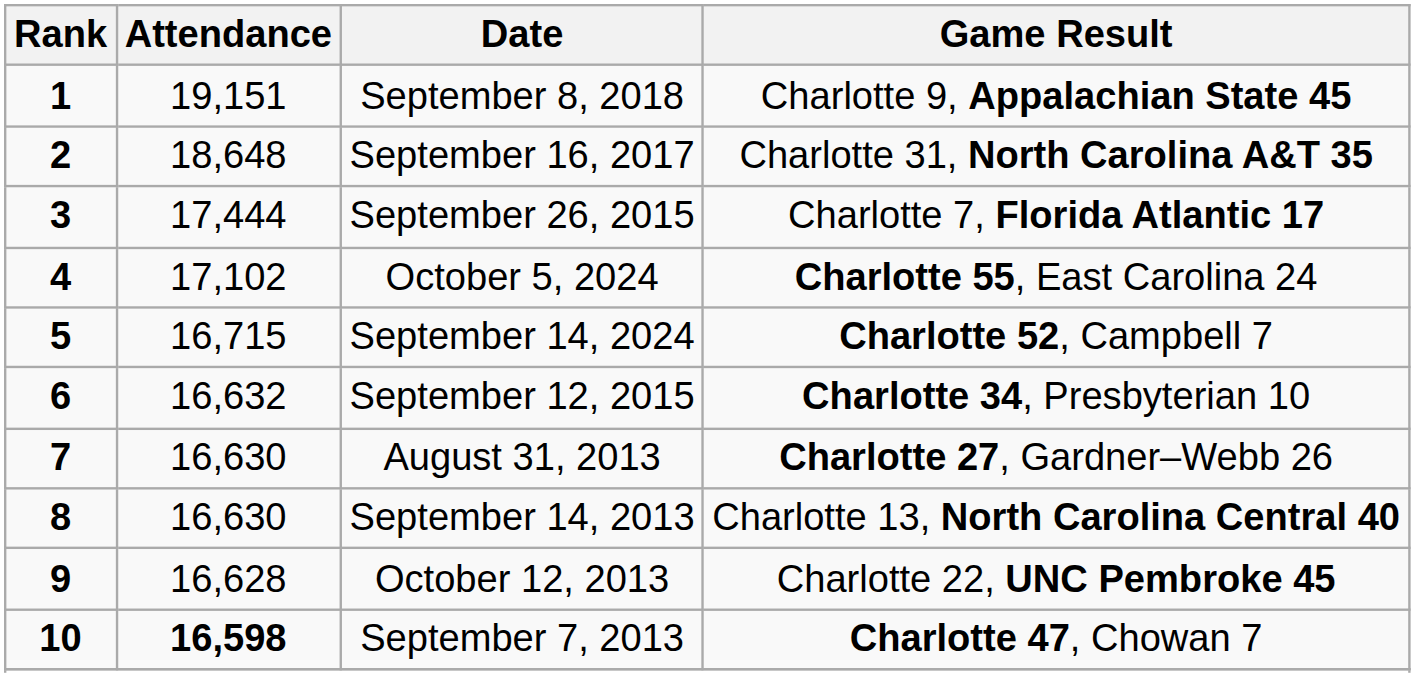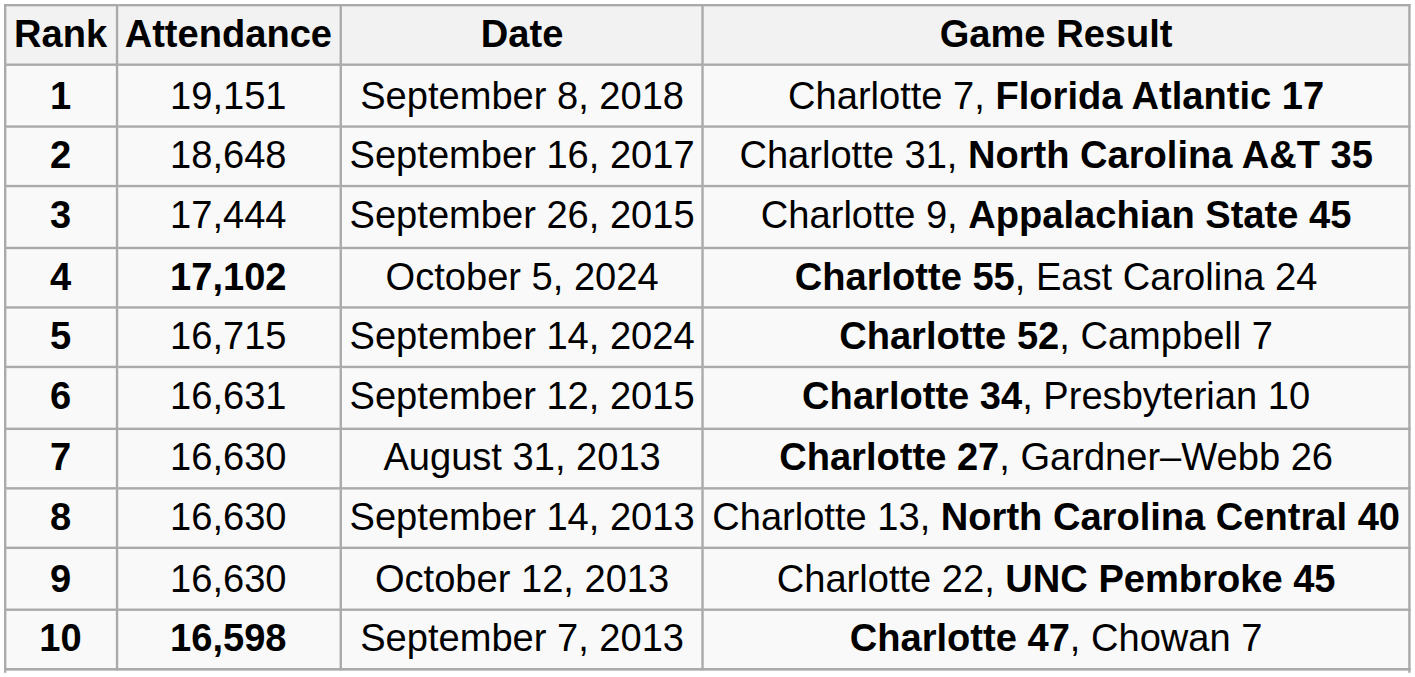 <table class="wikitable">
 <tr>
 <th>Rank</th>
 <th>Attendance</th>
 <th>Date</th>
 <th>Game Result</th>
 </tr>
 <tr align="center">
 <td><strong>1</strong></td>
 <td>19,151</td>
 <td>September 8, 2018</td>
-<td>Charlotte 9, <strong>Appalachian State 45</strong></td>
+<td>Charlotte 7, <strong>Florida Atlantic 17</strong></td>
 </tr>
 <tr align="center">
 <td><strong>2</strong></td>
 <td>18,648</td>
 <td>September 16, 2017</td>
 <td>Charlotte 31, <strong>North Carolina A&T 35</strong></td>
 </tr>
 <tr align="center">
 <td><strong>3</strong></td>
 <td>17,444</td>
 <td>September 26, 2015</td>
-<td>Charlotte 7, <strong>Florida Atlantic 17</strong></td>
+<td>Charlotte 9, <strong>Appalachian State 45</strong></td>
 </tr>
 <tr align="center">
 <td><strong>4</strong></td>
-<td>17,102</td>
+<td><strong>17,102</strong></td>
 <td>October 5, 2024</td>
 <td><strong>Charlotte 55</strong>, East Carolina 24</td>
 </tr>
 <tr align="center">
 <td><strong>5</strong></td>
 <td>16,715</td>
 <td>September 14, 2024</td>
 <td><strong>Charlotte 52</strong>, Campbell 7</td>
 </tr>
 <tr align="center">
 <td><strong>6</strong></td>
-<td>16,632</td>
+<td>16,631</td>
 <td>September 12, 2015</td>
 <td><strong>Charlotte 34</strong>, Presbyterian 10</td>
 </tr>
 <tr align="center">
 <td><strong>7</strong></td>
 <td>16,630</td>
 <td>August 31, 2013</td>
 <td><strong>Charlotte 27</strong>, Gardner–Webb 26</td>
 </tr>
 <tr align="center">
 <td><strong>8</strong></td>
 <td>16,630</td>
 <td>September 14, 2013</td>
 <td>Charlotte 13, <strong>North Carolina Central 40</strong></td>
 </tr>
 <tr align="center">
 <td><strong>9</strong></td>
-<td>16,628</td>
+<td>16,630</td>
 <td>October 12, 2013</td>
 <td>Charlotte 22, <strong>UNC Pembroke 45</strong></td>
 </tr>
 <tr align="center">
 <td><strong>10</strong></td>
 <td><strong>16,598</strong></td>
 <td>September 7, 2013</td>
 <td><strong>Charlotte 47</strong>, Chowan 7</td>
 </tr>
 <tr align="center">
 </tr>
 <tr>
 </tr>
 </table>
